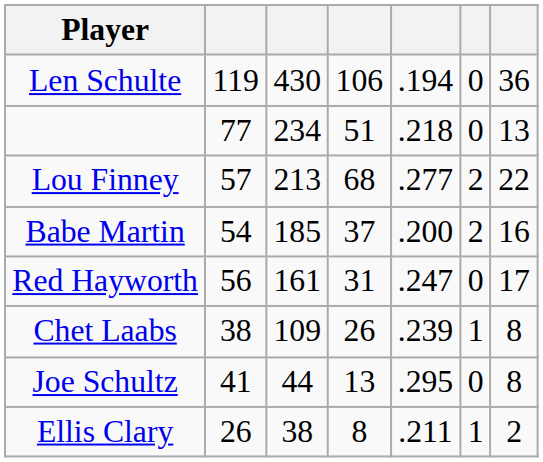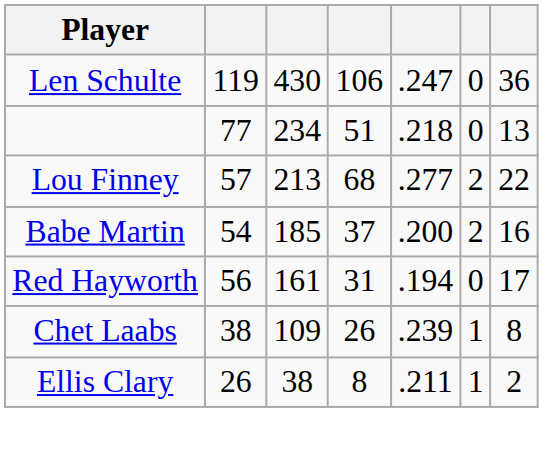 <table class="wikitable sortable">
 <tr>
 <th>Player</th>
 <th></th>
 <th><small></small></th>
 <th></th>
 <th></th>
 <th></th>
 <th></th>
 </tr>
 <tr align="center">
 <td><a href='#'>Len Schulte</a></td>
 <td>119</td>
 <td>430</td>
 <td>106</td>
-<td>.194</td>
+<td>.247</td>
 <td>0</td>
 <td>36</td>
 </tr>
 <tr align="center">
 <td></td>
 <td>77</td>
 <td>234</td>
 <td>51</td>
 <td>.218</td>
 <td>0</td>
 <td>13</td>
 </tr>
 <tr align="center">
 <td><a href='#'>Lou Finney</a></td>
 <td>57</td>
 <td>213</td>
 <td>68</td>
 <td>.277</td>
 <td>2</td>
 <td>22</td>
 </tr>
 <tr align="center">
 <td><a href='#'>Babe Martin</a></td>
 <td>54</td>
 <td>185</td>
 <td>37</td>
 <td>.200</td>
 <td>2</td>
 <td>16</td>
 </tr>
 <tr align="center">
 <td><a href='#'>Red Hayworth</a></td>
 <td>56</td>
 <td>161</td>
 <td>31</td>
-<td>.247</td>
+<td>.194</td>
 <td>0</td>
 <td>17</td>
 </tr>
 <tr align="center">
 <td><a href='#'>Chet Laabs</a></td>
 <td>38</td>
 <td>109</td>
 <td>26</td>
 <td>.239</td>
 <td>1</td>
 <td>8</td>
 </tr>
 <tr align="center">
-<td><a href='#'>Joe Schultz</a></td>
-<td>41</td>
-<td>44</td>
-<td>13</td>
-<td>.295</td>
-<td>0</td>
-<td>8</td>
-</tr>
-<tr align="center">
 <td><a href='#'>Ellis Clary</a></td>
 <td>26</td>
 <td>38</td>
 <td>8</td>
 <td>.211</td>
 <td>1</td>
 <td>2</td>
 </tr>
 </table>
